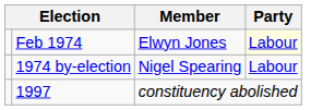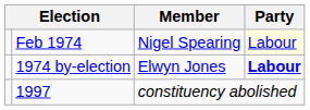 <table class="wikitable">
 <tr>
 <th colspan="2">Election</th>
 <th>Member</th>
 <th>Party</th>
 </tr>
 <tr>
 <td style="color:inherit;background-color: "></td>
 <td><a href='#'>Feb 1974</a></td>
-<td><a href='#'>Elwyn Jones</a></td>
+<td><a href='#'>Nigel Spearing</a></td>
 <td style="background: lightyellow;"><a href='#'>Labour</a></td>
 </tr>
 <tr>
 <td style="color:inherit;background-color: "></td>
 <td><a href='#'>1974 by-election</a></td>
-<td><a href='#'>Nigel Spearing</a></td>
-<td><a href='#'>Labour</a></td>
+<td><a href='#'>Elwyn Jones</a></td>
+<td><strong><a href='#'>Labour</a></strong></td>
 </tr>
 <tr>
 <td></td>
 <td><a href='#'>1997</a></td>
 <td colspan="2"><em>constituency abolished</em></td>
 </tr>
 </table>
